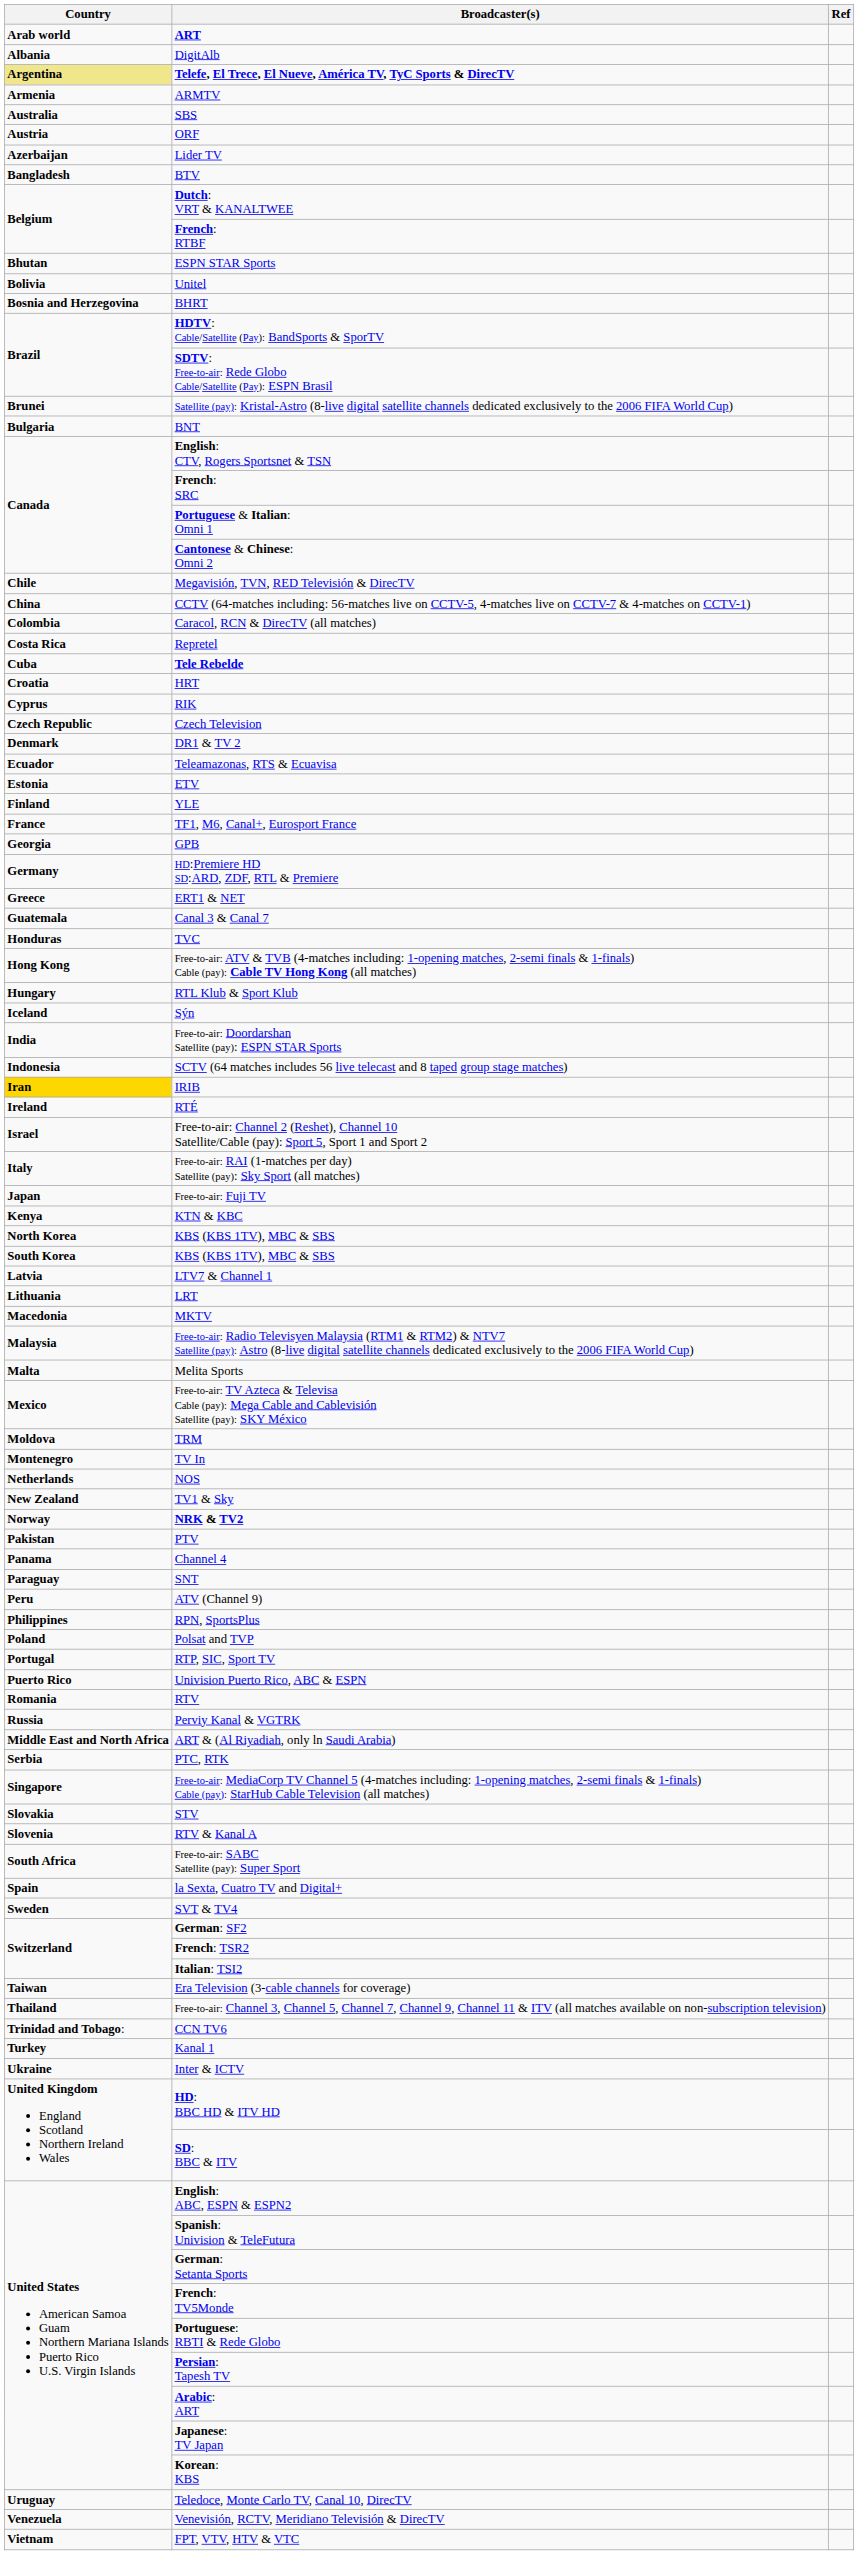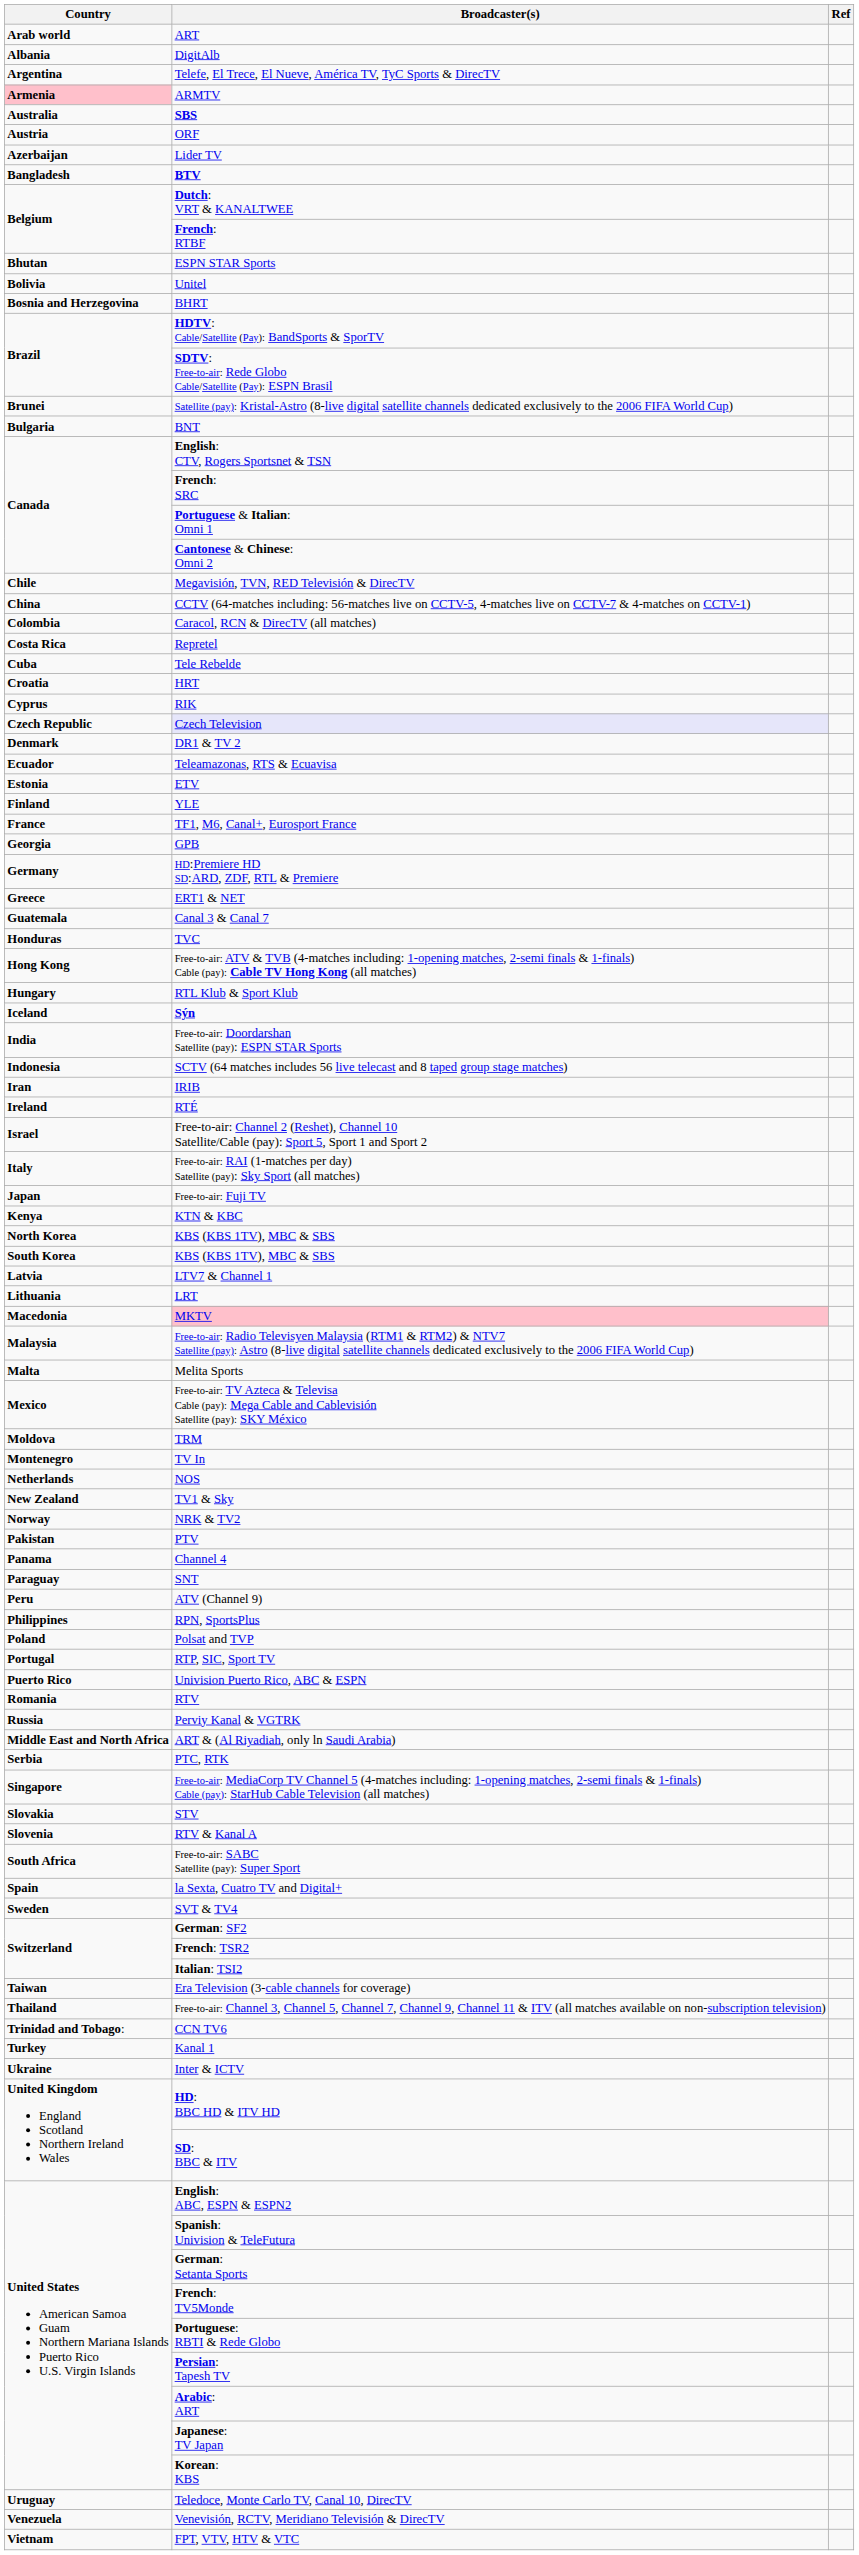 <table class="wikitable" border="1">
 <tr>
 <th>Country</th>
 <th>Broadcaster(s)</th>
 <th>Ref</th>
 </tr>
 <tr>
 <td><strong>Arab world</strong></td>
-<td><strong><a href='#'>ART</a></strong></td>
+<td><a href='#'>ART</a></td>
 <td></td>
 </tr>
 <tr>
 <td><strong>Albania</strong></td>
 <td><a href='#'>DigitAlb</a></td>
 <td></td>
 </tr>
 <tr>
-<td style="background: khaki;"><strong>Argentina</strong></td>
-<td><strong><a href='#'>Telefe</a>, <a href='#'>El Trece</a>, <a href='#'>El Nueve</a>, <a href='#'>América TV</a>, <a href='#'>TyC Sports</a> & <a href='#'>DirecTV</a></strong></td>
+<td><strong>Argentina</strong></td>
+<td><a href='#'>Telefe</a>, <a href='#'>El Trece</a>, <a href='#'>El Nueve</a>, <a href='#'>América TV</a>, <a href='#'>TyC Sports</a> & <a href='#'>DirecTV</a></td>
 <td></td>
 </tr>
 <tr>
-<td><strong>Armenia</strong></td>
+<td style="background: pink;"><strong>Armenia</strong></td>
 <td><a href='#'>ARMTV</a></td>
 <td></td>
 </tr>
 <tr>
 <td><strong>Australia</strong></td>
-<td><a href='#'>SBS</a></td>
+<td><strong><a href='#'>SBS</a></strong></td>
 <td></td>
 </tr>
 <tr>
 <td><strong>Austria</strong></td>
 <td><a href='#'>ORF</a></td>
 <td></td>
 </tr>
 <tr>
 <td><strong>Azerbaijan</strong></td>
 <td><a href='#'>Lider TV</a></td>
 <td></td>
 </tr>
 <tr>
 <td><strong>Bangladesh</strong></td>
-<td><a href='#'>BTV</a></td>
+<td><strong><a href='#'>BTV</a></strong></td>
 <td></td>
 </tr>
 <tr>
 <td rowspan=2><strong>Belgium</strong></td>
 <td><strong><a href='#'>Dutch</a></strong>:<br><a href='#'>VRT</a> & <a href='#'>KANALTWEE</a></td>
 <td></td>
 </tr>
 <tr>
 <td><strong><a href='#'>French</a></strong>:<br><a href='#'>RTBF</a></td>
 <td></td>
 </tr>
 <tr>
 <td><strong>Bhutan</strong></td>
 <td><a href='#'>ESPN STAR Sports</a></td>
 <td></td>
 </tr>
 <tr>
 <td><strong>Bolivia</strong></td>
 <td><a href='#'>Unitel</a></td>
 <td></td>
 </tr>
 <tr>
 <td><strong>Bosnia and Herzegovina</strong></td>
 <td><a href='#'>BHRT</a></td>
 <td></td>
 </tr>
 <tr>
 <td rowspan=2><strong>Brazil</strong></td>
 <td><strong><a href='#'>HDTV</a></strong>:<br><small><a href='#'>Cable</a>/<a href='#'>Satellite</a> (<a href='#'>Pay</a>):</small> <a href='#'>BandSports</a> & <a href='#'>SporTV</a></td>
 <td></td>
 </tr>
 <tr>
 <td><strong><a href='#'>SDTV</a></strong>:<br><small><a href='#'>Free-to-air</a>:</small> <a href='#'>Rede Globo</a><br><small><a href='#'>Cable</a>/<a href='#'>Satellite</a> (<a href='#'>Pay</a>):</small> <a href='#'>ESPN Brasil</a></td>
 <td></td>
 </tr>
 <tr>
 <td><strong>Brunei</strong></td>
 <td><small><a href='#'>Satellite (pay)</a>:</small> <a href='#'>Kristal-Astro</a> (8-<a href='#'>live</a> <a href='#'>digital</a> <a href='#'>satellite channels</a> dedicated exclusively to the <a href='#'>2006 FIFA World Cup</a>)</td>
 <td></td>
 </tr>
 <tr>
 <td><strong>Bulgaria</strong></td>
 <td><a href='#'>BNT</a></td>
 <td></td>
 </tr>
 <tr>
 <td rowspan=4><strong>Canada</strong></td>
 <td><strong>English</strong>:<br><a href='#'>CTV</a>, <a href='#'>Rogers Sportsnet</a> & <a href='#'>TSN</a></td>
 <td></td>
 </tr>
 <tr>
 <td><strong>French</strong>:<br><a href='#'>SRC</a></td>
 <td></td>
 </tr>
 <tr>
 <td><strong><a href='#'>Portuguese</a></strong> & <strong>Italian</strong>:<br><a href='#'>Omni 1</a></td>
 <td></td>
 </tr>
 <tr>
 <td><strong><a href='#'>Cantonese</a></strong> & <strong>Chinese</strong>:<br><a href='#'>Omni 2</a></td>
 <td></td>
 </tr>
 <tr>
 <td><strong>Chile</strong></td>
 <td><a href='#'>Megavisión</a>, <a href='#'>TVN</a>, <a href='#'>RED Televisión</a> & <a href='#'>DirecTV</a></td>
 <td></td>
 </tr>
 <tr>
 <td><strong>China</strong></td>
 <td><a href='#'>CCTV</a> (64-matches including: 56-matches live on <a href='#'>CCTV-5</a>, 4-matches live on <a href='#'>CCTV-7</a> & 4-matches on <a href='#'>CCTV-1</a>)</td>
 <td></td>
 </tr>
 <tr>
 <td><strong>Colombia</strong></td>
 <td><a href='#'>Caracol</a>, <a href='#'>RCN</a> & <a href='#'>DirecTV</a> (all matches)</td>
 <td></td>
 </tr>
 <tr>
 <td><strong>Costa Rica</strong></td>
 <td><a href='#'>Repretel</a></td>
 <td></td>
 </tr>
 <tr>
 <td><strong>Cuba</strong></td>
-<td><strong><a href='#'>Tele Rebelde</a></strong></td>
+<td><a href='#'>Tele Rebelde</a></td>
 <td></td>
 </tr>
 <tr>
 <td><strong>Croatia</strong></td>
 <td><a href='#'>HRT</a></td>
 <td></td>
 </tr>
 <tr>
 <td><strong>Cyprus</strong></td>
 <td><a href='#'>RIK</a></td>
 <td></td>
 </tr>
 <tr>
 <td><strong>Czech Republic</strong></td>
-<td><a href='#'>Czech Television</a></td>
+<td style="background: lavender;"><a href='#'>Czech Television</a></td>
 <td></td>
 </tr>
 <tr>
 <td><strong>Denmark</strong></td>
 <td><a href='#'>DR1</a> & <a href='#'>TV 2</a></td>
 <td></td>
 </tr>
 <tr>
 <td><strong>Ecuador</strong></td>
 <td><a href='#'>Teleamazonas</a>, <a href='#'>RTS</a> & <a href='#'>Ecuavisa</a></td>
 <td></td>
 </tr>
 <tr>
 <td><strong>Estonia</strong></td>
 <td><a href='#'>ETV</a></td>
 <td></td>
 </tr>
 <tr>
 <td><strong>Finland</strong></td>
 <td><a href='#'>YLE</a></td>
 <td></td>
 </tr>
 <tr>
 <td><strong>France</strong></td>
 <td><a href='#'>TF1</a>, <a href='#'>M6</a>, <a href='#'>Canal+</a>, <a href='#'>Eurosport France</a></td>
 <td></td>
 </tr>
 <tr>
 <td><strong>Georgia</strong></td>
 <td><a href='#'>GPB</a></td>
 <td></td>
 </tr>
 <tr>
 <td><strong>Germany</strong></td>
 <td><small><a href='#'>HD</a></small>:<a href='#'>Premiere HD</a><br><small><a href='#'>SD</a></small>:<a href='#'>ARD</a>, <a href='#'>ZDF</a>, <a href='#'>RTL</a> & <a href='#'>Premiere</a></td>
 <td></td>
 </tr>
 <tr>
 <td><strong>Greece</strong></td>
 <td><a href='#'>ERT1</a> & <a href='#'>NET</a></td>
 <td></td>
 </tr>
 <tr>
 <td><strong>Guatemala</strong></td>
 <td><a href='#'>Canal 3</a> & <a href='#'>Canal 7</a></td>
 <td></td>
 </tr>
 <tr>
 <td><strong>Honduras</strong></td>
 <td><a href='#'>TVC</a></td>
 <td></td>
 </tr>
 <tr>
 <td><strong>Hong Kong</strong></td>
 <td><small>Free-to-air:</small> <a href='#'>ATV</a> & <a href='#'>TVB</a> (4-matches including: <a href='#'>1-opening matches</a>, <a href='#'>2-semi finals</a> & <a href='#'>1-finals</a>)<br><small>Cable (pay):</small> <strong><a href='#'>Cable TV Hong Kong</a></strong> (all matches)</td>
 <td></td>
 </tr>
 <tr>
 <td><strong>Hungary</strong></td>
 <td><a href='#'>RTL Klub</a> & <a href='#'>Sport Klub</a></td>
 <td></td>
 </tr>
 <tr>
 <td><strong>Iceland</strong></td>
-<td><a href='#'>Sýn</a></td>
+<td><strong><a href='#'>Sýn</a></strong></td>
 <td></td>
 </tr>
 <tr>
 <td><strong>India</strong></td>
 <td><small>Free-to-air:</small> <a href='#'>Doordarshan</a><br><small>Satellite (pay)</small>: <a href='#'>ESPN STAR Sports</a></td>
 <td></td>
 </tr>
 <tr>
 <td><strong>Indonesia</strong></td>
 <td><a href='#'>SCTV</a> (64 matches includes 56 <a href='#'>live telecast</a> and 8 <a href='#'>taped</a> <a href='#'>group stage matches</a>)</td>
 <td></td>
 </tr>
 <tr>
-<td style="background: gold;"><strong>Iran</strong></td>
+<td><strong>Iran</strong></td>
 <td><a href='#'>IRIB</a></td>
 <td></td>
 </tr>
 <tr>
 <td><strong>Ireland</strong></td>
 <td><a href='#'>RTÉ</a></td>
 <td></td>
 </tr>
 <tr>
 <td><strong>Israel</strong></td>
 <td>Free-to-air: <a href='#'>Channel 2</a> (<a href='#'>Reshet</a>), <a href='#'>Channel 10</a><br>Satellite/Cable (pay): <a href='#'>Sport 5</a>, Sport 1 and Sport 2</td>
 <td></td>
 </tr>
 <tr>
 <td><strong>Italy</strong></td>
 <td><small>Free-to-air:</small> <a href='#'>RAI</a> (1-matches per day)<br><small>Satellite (pay)</small>: <a href='#'>Sky Sport</a> (all matches)</td>
 <td></td>
 </tr>
 <tr>
 <td><strong>Japan</strong></td>
 <td><small>Free-to-air:</small> <a href='#'>Fuji TV</a></td>
 <td></td>
 </tr>
 <tr>
 <td><strong>Kenya</strong></td>
 <td><a href='#'>KTN</a> & <a href='#'>KBC</a></td>
 <td></td>
 </tr>
 <tr>
 <td><strong>North Korea</strong></td>
 <td><a href='#'>KBS</a> (<a href='#'>KBS 1TV</a>), <a href='#'>MBC</a> & <a href='#'>SBS</a></td>
 <td></td>
 </tr>
 <tr>
 <td><strong>South Korea</strong></td>
 <td><a href='#'>KBS</a> (<a href='#'>KBS 1TV</a>), <a href='#'>MBC</a> & <a href='#'>SBS</a></td>
 <td></td>
 </tr>
 <tr>
 <td><strong>Latvia</strong></td>
 <td><a href='#'>LTV7</a> & <a href='#'>Channel 1</a></td>
 <td></td>
 </tr>
 <tr>
 <td><strong>Lithuania</strong></td>
 <td><a href='#'>LRT</a></td>
 <td></td>
 </tr>
 <tr>
 <td><strong>Macedonia</strong></td>
-<td><a href='#'>MKTV</a></td>
+<td style="background: pink;"><a href='#'>MKTV</a></td>
 <td></td>
 </tr>
 <tr>
 <td><strong>Malaysia</strong></td>
 <td><small><a href='#'>Free-to-air</a>:</small> <a href='#'>Radio Televisyen Malaysia</a> (<a href='#'>RTM1</a> & <a href='#'>RTM2</a>) & <a href='#'>NTV7</a><br><small><a href='#'>Satellite (pay)</a>:</small> <a href='#'>Astro</a> (8-<a href='#'>live</a> <a href='#'>digital</a> <a href='#'>satellite channels</a> dedicated exclusively to the <a href='#'>2006 FIFA World Cup</a>)</td>
 <td></td>
 </tr>
 <tr>
 <td><strong>Malta</strong></td>
 <td>Melita Sports</td>
 <td></td>
 </tr>
 <tr>
 <td><strong>Mexico</strong></td>
 <td><small>Free-to-air:</small> <a href='#'>TV Azteca</a> & <a href='#'>Televisa</a><br><small>Cable (pay):</small> <a href='#'>Mega Cable and Cablevisión</a><br><small>Satellite (pay):</small> <a href='#'>SKY México</a></td>
 <td></td>
 </tr>
 <tr>
 <td><strong>Moldova</strong></td>
 <td><a href='#'>TRM</a></td>
 <td></td>
 </tr>
 <tr>
 <td><strong>Montenegro</strong></td>
 <td><a href='#'>TV In</a></td>
 <td></td>
 </tr>
 <tr>
 <td><strong>Netherlands</strong></td>
 <td><a href='#'>NOS</a></td>
 <td></td>
 </tr>
 <tr>
 <td><strong>New Zealand</strong></td>
 <td><a href='#'>TV1</a> & <a href='#'>Sky</a></td>
 <td></td>
 </tr>
 <tr>
 <td><strong>Norway</strong></td>
-<td><strong><a href='#'>NRK</a> & <a href='#'>TV2</a></strong></td>
+<td><a href='#'>NRK</a> & <a href='#'>TV2</a></td>
 <td></td>
 </tr>
 <tr>
 <td><strong>Pakistan</strong></td>
 <td><a href='#'>PTV</a></td>
 <td></td>
 </tr>
 <tr>
 <td><strong>Panama</strong></td>
 <td><a href='#'>Channel 4</a></td>
 <td></td>
 </tr>
 <tr>
 <td><strong>Paraguay</strong></td>
 <td><a href='#'>SNT</a></td>
 <td></td>
 </tr>
 <tr>
 <td><strong>Peru</strong></td>
 <td><a href='#'>ATV</a> (Channel 9)</td>
 <td></td>
 </tr>
 <tr>
 <td><strong>Philippines</strong></td>
 <td><a href='#'>RPN</a>, <a href='#'>SportsPlus</a></td>
 <td></td>
 </tr>
 <tr>
 <td><strong>Poland</strong></td>
 <td><a href='#'>Polsat</a> and <a href='#'>TVP</a></td>
 <td></td>
 </tr>
 <tr>
 <td><strong>Portugal</strong></td>
 <td><a href='#'>RTP</a>, <a href='#'>SIC</a>, <a href='#'>Sport TV</a></td>
 <td></td>
 </tr>
 <tr>
 <td><strong>Puerto Rico</strong></td>
 <td><a href='#'>Univision Puerto Rico</a>, <a href='#'>ABC</a> & <a href='#'>ESPN</a></td>
 <td></td>
 </tr>
 <tr>
 <td><strong>Romania</strong></td>
 <td><a href='#'>RTV</a></td>
 <td></td>
 </tr>
 <tr>
 <td><strong>Russia</strong></td>
 <td><a href='#'>Perviy Kanal</a> & <a href='#'>VGTRK</a></td>
 <td></td>
 </tr>
 <tr>
 <td><strong>Middle East and North Africa</strong></td>
 <td><a href='#'>ART</a> & (<a href='#'>Al Riyadiah</a>, only ln <a href='#'>Saudi Arabia</a>)</td>
 <td></td>
 </tr>
 <tr>
 <td><strong>Serbia</strong></td>
 <td><a href='#'>PTC</a>, <a href='#'>RTK</a></td>
 <td></td>
 </tr>
 <tr>
 <td><strong>Singapore</strong></td>
 <td><small><a href='#'>Free-to-air</a>:</small> <a href='#'>MediaCorp TV Channel 5</a> (4-matches including: <a href='#'>1-opening matches</a>, <a href='#'>2-semi finals</a> & <a href='#'>1-finals</a>)<br><small><a href='#'>Cable (pay)</a>:</small> <a href='#'>StarHub Cable Television</a> (all matches)</td>
 <td></td>
 </tr>
 <tr>
 <td><strong>Slovakia</strong></td>
 <td><a href='#'>STV</a></td>
 <td></td>
 </tr>
 <tr>
 <td><strong>Slovenia</strong></td>
 <td><a href='#'>RTV</a> & <a href='#'>Kanal A</a></td>
 <td></td>
 </tr>
 <tr>
 <td><strong>South Africa</strong></td>
 <td><small>Free-to-air:</small> <a href='#'>SABC</a><br><small>Satellite (pay):</small> <a href='#'>Super Sport</a></td>
 <td></td>
 </tr>
 <tr>
 <td><strong>Spain</strong></td>
 <td><a href='#'>la Sexta</a>, <a href='#'>Cuatro TV</a> and <a href='#'>Digital+</a></td>
 <td></td>
 </tr>
 <tr>
 <td><strong>Sweden</strong></td>
 <td><a href='#'>SVT</a> & <a href='#'>TV4</a></td>
 <td></td>
 </tr>
 <tr>
 <td rowspan=3><strong>Switzerland</strong></td>
 <td><strong>German</strong>: <a href='#'>SF2</a></td>
 <td></td>
 </tr>
 <tr>
 <td><strong>French</strong>: <a href='#'>TSR2</a></td>
 <td></td>
 </tr>
 <tr>
 <td><strong>Italian</strong>: <a href='#'>TSI2</a></td>
 <td></td>
 </tr>
 <tr>
 <td><strong>Taiwan</strong></td>
 <td><a href='#'>Era Television</a> (3-<a href='#'>cable channels</a> for coverage)</td>
 <td></td>
 </tr>
 <tr>
 <td><strong>Thailand</strong></td>
 <td><small>Free-to-air:</small> <a href='#'>Channel 3</a>, <a href='#'>Channel 5</a>, <a href='#'>Channel 7</a>, <a href='#'>Channel 9</a>, <a href='#'>Channel 11</a> & <a href='#'>ITV</a> (all matches available on non-<a href='#'>subscription television</a>)</td>
 <td></td>
 </tr>
 <tr>
 <td><strong>Trinidad and Tobago</strong>:</td>
 <td><a href='#'>CCN TV6</a></td>
 <td></td>
 </tr>
 <tr>
 <td><strong>Turkey</strong></td>
 <td><a href='#'>Kanal 1</a></td>
 <td></td>
 </tr>
 <tr>
 <td><strong>Ukraine</strong></td>
 <td><a href='#'>Inter</a> & <a href='#'>ICTV</a></td>
 <td></td>
 </tr>
 <tr>
 <td rowspan=2><strong>United Kingdom</strong> <br><ul><li>England</li><li>Scotland</li><li>Northern Ireland</li><li>Wales</li></ul></td>
 <td><strong><a href='#'>HD</a></strong>:<br><a href='#'>BBC HD</a> & <a href='#'>ITV HD</a></td>
 <td></td>
 </tr>
 <tr>
 <td><strong><a href='#'>SD</a></strong>:<br><a href='#'>BBC</a> & <a href='#'>ITV</a></td>
 <td></td>
 </tr>
 <tr>
 <td rowspan=9><strong>United States</strong> <br><ul><li>American Samoa</li><li>Guam</li><li>Northern Mariana Islands</li><li>Puerto Rico</li><li>U.S. Virgin Islands</li></ul></td>
 <td><strong>English</strong>:<br><a href='#'>ABC</a>, <a href='#'>ESPN</a> & <a href='#'>ESPN2</a></td>
 <td></td>
 </tr>
 <tr>
 <td><strong>Spanish</strong>:<br><a href='#'>Univision</a> & <a href='#'>TeleFutura</a></td>
 <td></td>
 </tr>
 <tr>
 <td><strong>German</strong>:<br><a href='#'>Setanta Sports</a></td>
 <td></td>
 </tr>
 <tr>
 <td><strong>French</strong>:<br><a href='#'>TV5Monde</a></td>
 <td></td>
 </tr>
 <tr>
 <td><strong>Portuguese</strong>:<br><a href='#'>RBTI</a> & <a href='#'>Rede Globo</a></td>
 <td></td>
 </tr>
 <tr>
 <td><strong><a href='#'>Persian</a></strong>:<br><a href='#'>Tapesh TV</a></td>
 <td></td>
 </tr>
 <tr>
 <td><strong><a href='#'>Arabic</a></strong>:<br><a href='#'>ART</a></td>
 <td></td>
 </tr>
 <tr>
 <td><strong>Japanese</strong>:<br><a href='#'>TV Japan</a></td>
 <td></td>
 </tr>
 <tr>
 <td><strong>Korean</strong>:<br><a href='#'>KBS</a></td>
 <td></td>
 </tr>
 <tr>
 <td><strong>Uruguay</strong></td>
 <td><a href='#'>Teledoce</a>, <a href='#'>Monte Carlo TV</a>, <a href='#'>Canal 10</a>, <a href='#'>DirecTV</a></td>
 <td></td>
 </tr>
 <tr>
 <td><strong>Venezuela</strong></td>
 <td><a href='#'>Venevisión</a>, <a href='#'>RCTV</a>, <a href='#'>Meridiano Televisión</a> & <a href='#'>DirecTV</a></td>
 <td></td>
 </tr>
 <tr>
 <td><strong>Vietnam</strong></td>
 <td><a href='#'>FPT</a>, <a href='#'>VTV</a>, <a href='#'>HTV</a> & <a href='#'>VTC</a></td>
 <td></td>
 </tr>
 </table>
